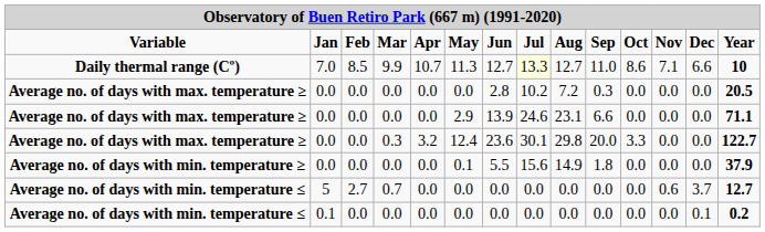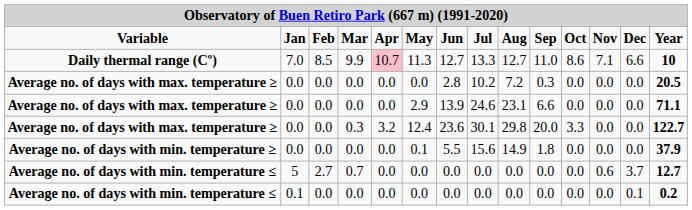 <table class="wikitable" style="text-align:center">
 <tr bgcolor="lightgrey">
 <td colspan="14"><strong>Observatory of <a href='#'>Buen Retiro Park</a> (667 m) (1991-2020)</strong></td>
 </tr>
 <tr>
 <td><strong>Variable</strong></td>
 <td><strong>Jan</strong></td>
 <td><strong>Feb</strong></td>
 <td><strong>Mar</strong></td>
 <td><strong>Apr</strong></td>
 <td><strong>May</strong></td>
 <td><strong>Jun</strong></td>
 <td><strong>Jul</strong></td>
 <td><strong>Aug</strong></td>
 <td><strong>Sep</strong></td>
 <td><strong>Oct</strong></td>
 <td><strong>Nov</strong></td>
 <td><strong>Dec</strong></td>
 <td><strong>Year</strong></td>
 </tr>
 <tr>
 <td><strong>Daily thermal range (Cº)</strong></td>
 <td>7.0</td>
 <td>8.5</td>
 <td>9.9</td>
-<td>10.7</td>
+<td style="background: pink;">10.7</td>
 <td>11.3</td>
 <td>12.7</td>
-<td style="background: lightyellow;">13.3</td>
+<td>13.3</td>
 <td>12.7</td>
 <td>11.0</td>
 <td>8.6</td>
 <td>7.1</td>
 <td>6.6</td>
 <td><strong>10</strong></td>
 </tr>
 <tr>
 <td><strong>Average no. of days with max. temperature ≥ </strong></td>
 <td>0.0</td>
 <td>0.0</td>
 <td>0.0</td>
 <td>0.0</td>
 <td>0.0</td>
 <td>2.8</td>
 <td>10.2</td>
 <td>7.2</td>
 <td>0.3</td>
 <td>0.0</td>
 <td>0.0</td>
 <td>0.0</td>
 <td><strong>20.5</strong></td>
 </tr>
 <tr>
 <td><strong>Average no. of days with max. temperature ≥ </strong></td>
 <td>0.0</td>
 <td>0.0</td>
 <td>0.0</td>
 <td>0.0</td>
 <td>2.9</td>
 <td>13.9</td>
 <td>24.6</td>
 <td>23.1</td>
 <td>6.6</td>
 <td>0.0</td>
 <td>0.0</td>
 <td>0.0</td>
 <td><strong>71.1</strong></td>
 </tr>
 <tr>
 <td><strong>Average no. of days with max. temperature ≥ </strong></td>
 <td>0.0</td>
 <td>0.0</td>
 <td>0.3</td>
 <td>3.2</td>
 <td>12.4</td>
 <td>23.6</td>
 <td>30.1</td>
 <td>29.8</td>
 <td>20.0</td>
 <td>3.3</td>
 <td>0.0</td>
 <td>0.0</td>
 <td><strong>122.7</strong></td>
 </tr>
 <tr>
 <td><strong>Average no. of days with min. temperature ≥ </strong></td>
 <td>0.0</td>
 <td>0.0</td>
 <td>0.0</td>
 <td>0.0</td>
 <td>0.1</td>
 <td>5.5</td>
 <td>15.6</td>
 <td>14.9</td>
 <td>1.8</td>
 <td>0.0</td>
 <td>0.0</td>
 <td>0.0</td>
 <td><strong>37.9</strong></td>
 </tr>
 <tr>
 <td><strong>Average no. of days with min. temperature ≤ </strong></td>
 <td>5</td>
 <td>2.7</td>
 <td>0.7</td>
 <td>0.0</td>
 <td>0.0</td>
 <td>0.0</td>
 <td>0.0</td>
 <td>0.0</td>
 <td>0.0</td>
 <td>0.0</td>
 <td>0.6</td>
 <td>3.7</td>
 <td><strong>12.7</strong></td>
 </tr>
 <tr>
 <td><strong>Average no. of days with min. temperature ≤ </strong></td>
 <td>0.1</td>
 <td>0.0</td>
 <td>0.0</td>
 <td>0.0</td>
 <td>0.0</td>
 <td>0.0</td>
 <td>0.0</td>
 <td>0.0</td>
 <td>0.0</td>
 <td>0.0</td>
 <td>0.0</td>
 <td>0.1</td>
 <td><strong>0.2</strong></td>
 </tr>
 </table>
